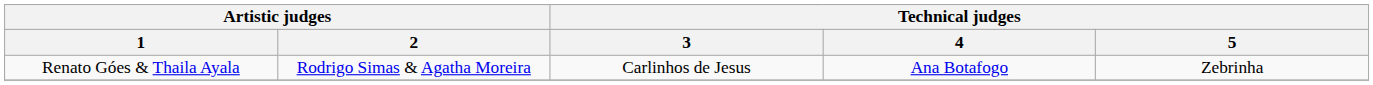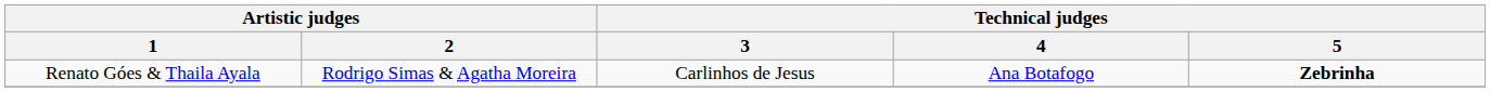 <table class="wikitable" style="font-size:100%; line-height:16px; text-align:center" width="100%">
 <tr>
 <th colspan=2>Artistic judges</th>
 <th colspan=3>Technical judges</th>
 </tr>
 <tr>
 <th width="20.0%">1</th>
 <th width="20.0%">2</th>
 <th width="20.0%">3</th>
 <th width="20.0%">4</th>
 <th width="20.0%">5</th>
 </tr>
 <tr>
 <td>Renato Góes & <a href='#'>Thaila Ayala</a></td>
 <td><a href='#'>Rodrigo Simas</a> & <a href='#'>Agatha Moreira</a></td>
 <td>Carlinhos de Jesus</td>
 <td><a href='#'>Ana Botafogo</a></td>
-<td>Zebrinha</td>
+<td><strong>Zebrinha</strong></td>
 </tr>
 <tr>
 </tr>
 </table>
